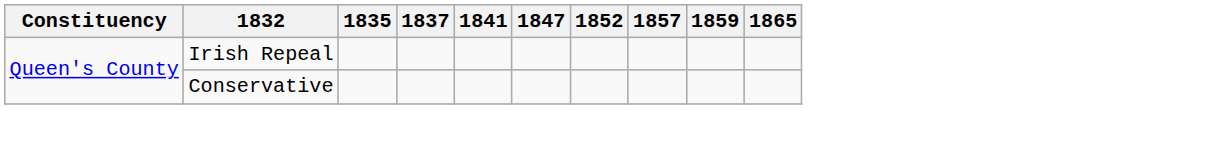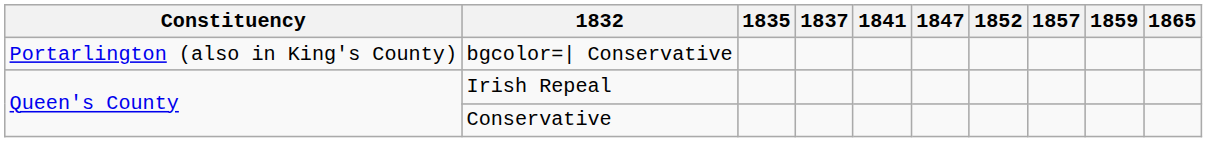 <table class=wikitable sortable>
 <tr>
 <th>Constituency</th>
 <th>1832</th>
 <th>1835</th>
 <th>1837</th>
 <th>1841</th>
 <th>1847</th>
 <th>1852</th>
 <th>1857</th>
 <th>1859</th>
 <th>1865</th>
+</tr>
+<tr>
+<td><a href='#'>Portarlington</a> (also in King's County)</td>
+<td align=center>bgcolor=| Conservative</td>
+<td></td>
+<td></td>
+<td></td>
+<td></td>
+<td></td>
+<td></td>
+<td></td>
+<td></td>
 </tr>
 <tr>
 <td rowspan=2><a href='#'>Queen's County</a></td>
 <td bgcolor=>Irish Repeal</td>
 <td></td>
 <td></td>
 <td></td>
 <td></td>
 <td></td>
 <td></td>
 <td></td>
 <td></td>
 </tr>
 <tr>
 <td bgcolor=>Conservative</td>
 <td></td>
 <td></td>
 <td></td>
 <td></td>
 <td></td>
 <td></td>
 <td></td>
 <td></td>
 </tr>
 </table>
